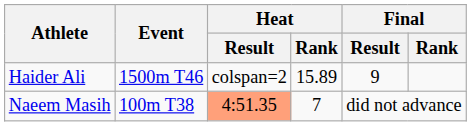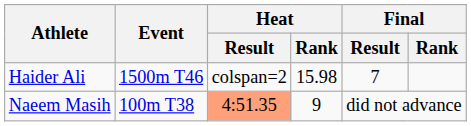 <table class="wikitable">
 <tr>
 <th rowspan="2">Athlete</th>
 <th rowspan="2">Event</th>
 <th colspan="2">Heat</th>
 <th colspan="2">Final</th>
 </tr>
 <tr>
 <th>Result</th>
 <th>Rank</th>
 <th>Result</th>
 <th>Rank</th>
 </tr>
 <tr align=center>
 <td align=left><a href='#'>Haider Ali</a></td>
 <td align=left><a href='#'>1500m T46</a></td>
 <td>colspan=2 </td>
-<td>15.89</td>
-<td>9</td>
+<td>15.98</td>
+<td>7</td>
 </tr>
 <tr align=center>
 <td align=left><a href='#'>Naeem Masih</a></td>
 <td align=left><a href='#'>100m T38</a></td>
 <td style="background: lightsalmon;">4:51.35</td>
-<td>7</td>
+<td>9</td>
 <td colspan=2>did not advance</td>
 </tr>
 </table>
